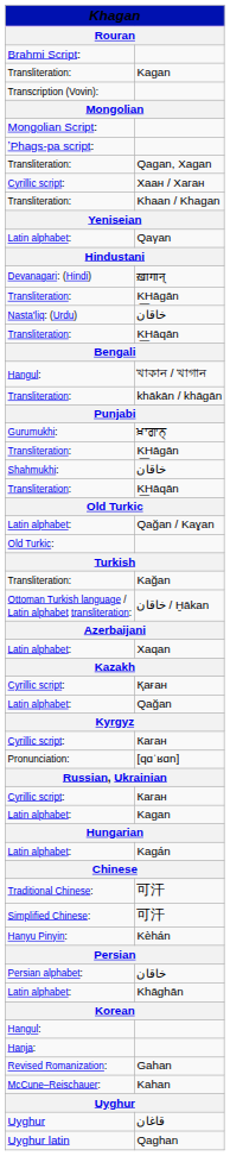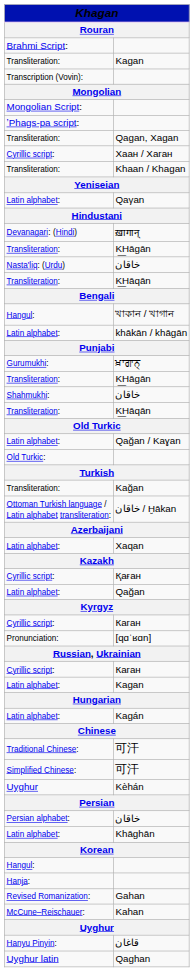 <table class="wikitable wikitable mw-collapsible autocollapse">
 <tr>
 <td style="background: #0011B0; border-bottom: 1px solid #FFD0FB; min-width:18.5em" colspan=2 align="center"><span><big><strong><em>Khagan</em></strong></big></span></td>
 </tr>
 <tr>
 <th colspan="2"><a href='#'>Rouran</a></th>
 </tr>
 <tr>
 <td><a href='#'>Brahmi Script</a>:</td>
 <td></td>
 </tr>
 <tr>
 <td><small>Transliteration:</small></td>
 <td>Kagan</td>
 </tr>
 <tr>
 <td><small>Transcription (Vovin):</small></td>
 <td></td>
 </tr>
 <tr>
 <th colspan="2"><a href='#'>Mongolian</a></th>
 </tr>
 <tr>
 <td><a href='#'>Mongolian Script</a>:</td>
 <td></td>
 </tr>
 <tr>
 <td><a href='#'>ʼPhags-pa script</a>:</td>
 <td></td>
 </tr>
 <tr>
 <td><small>Transliteration:</small></td>
 <td>Qagan, Xagan</td>
 </tr>
 <tr>
 <td><small><a href='#'>Cyrillic script</a>:</small></td>
 <td>Хаан / Хаган</td>
 </tr>
 <tr>
 <td><small>Transliteration:</small></td>
 <td>Khaan / Khagan</td>
 </tr>
 <tr>
 <th colspan="2"><a href='#'>Yeniseian</a></th>
 </tr>
 <tr>
 <td><small><a href='#'>Latin alphabet</a>:</small></td>
 <td>Qaγan</td>
 </tr>
 <tr>
 <th colspan="2"><a href='#'>Hindustani</a></th>
 </tr>
 <tr>
 <td><small><a href='#'>Devanagari</a>:</small> <small>(<a href='#'>Hindi</a>)</small></td>
 <td>ख़ागान्</td>
 </tr>
 <tr>
 <td><small><a href='#'>Transliteration</a>:</small></td>
 <td>K͟Hāgān</td>
 </tr>
 <tr>
 <td><small><a href='#'>Nasta'liq</a>: (<a href='#'>Urdu</a>)</small></td>
 <td>خاقان</td>
 </tr>
 <tr>
 <td><small><a href='#'>Transliteration</a>:</small></td>
 <td>K͟Hāqān</td>
 </tr>
 <tr>
 <th colspan="2"><a href='#'>Bengali</a></th>
 </tr>
 <tr>
 <td><small><a href='#'>Hangul</a>:</small></td>
 <td>খাকান / খাগান</td>
 </tr>
 <tr>
-<td><small><a href='#'>Transliteration</a>:</small></td>
+<td><small><a href='#'>Latin alphabet</a>:</small></td>
 <td>khākān / khāgān</td>
 </tr>
 <tr>
 <th colspan="2"><a href='#'>Punjabi</a></th>
 </tr>
 <tr>
 <td><small><a href='#'>Gurumukhi</a>:</small></td>
 <td>ਖ਼ਾਗਾਨ੍</td>
 </tr>
 <tr>
 <td><small><a href='#'>Transliteration</a>:</small></td>
 <td>K͟Hāgān</td>
 </tr>
 <tr>
 <td><small><a href='#'>Shahmukhi</a>:</small></td>
 <td>خاقان</td>
 </tr>
 <tr>
 <td><small><a href='#'>Transliteration</a>:</small></td>
 <td>K͟Hāqān</td>
 </tr>
 <tr>
 <th colspan="2"><a href='#'>Old Turkic</a></th>
 </tr>
 <tr>
 <td><small><a href='#'>Latin alphabet</a>:</small></td>
 <td>Qağan / Kaɣan</td>
 </tr>
 <tr>
 <td><small><a href='#'>Old Turkic</a>:</small></td>
 <td></td>
 </tr>
 <tr>
 <th colspan="2"><a href='#'>Turkish</a></th>
 </tr>
 <tr>
 <td><small>Transliteration:</small></td>
 <td>Kağan</td>
 </tr>
 <tr>
 <td><small><a href='#'>Ottoman Turkish language</a> /<br> <a href='#'>Latin alphabet</a> <a href='#'>transliteration</a>:</small></td>
 <td>خاقان / Ḫākan</td>
 </tr>
 <tr>
 <th colspan="2"><a href='#'>Azerbaijani</a></th>
 </tr>
 <tr>
 <td><small><a href='#'>Latin alphabet</a>:</small></td>
 <td>Xaqan</td>
 </tr>
 <tr>
 <th colspan="2"><a href='#'>Kazakh</a></th>
 </tr>
 <tr>
 <td><small><a href='#'>Cyrillic script</a>:</small></td>
 <td>Қаған</td>
 </tr>
 <tr>
 <td><small><a href='#'>Latin alphabet</a>:</small></td>
 <td>Qağan</td>
 </tr>
 <tr>
 <th colspan="2"><a href='#'>Kyrgyz</a></th>
 </tr>
 <tr>
 <td><small><a href='#'>Cyrillic script</a>:</small></td>
 <td>Каган</td>
 </tr>
 <tr>
 <td><small>Pronunciation:</small></td>
 <td>[qɑˈʁɑn]</td>
 </tr>
 <tr>
 <th colspan="2"><a href='#'>Russian</a>, <a href='#'>Ukrainian</a></th>
 </tr>
 <tr>
 <td><small><a href='#'>Cyrillic script</a>:</small></td>
 <td>Каган</td>
 </tr>
 <tr>
 <td><small><a href='#'>Latin alphabet</a>:</small></td>
 <td>Kagan</td>
 </tr>
 <tr>
 <th colspan="2"><a href='#'>Hungarian</a></th>
 </tr>
 <tr>
 <td><small><a href='#'>Latin alphabet</a>:</small></td>
 <td>Kagán</td>
 </tr>
 <tr>
 <th colspan="2"><a href='#'>Chinese</a></th>
 </tr>
 <tr>
 <td><small><a href='#'>Traditional Chinese</a>:</small></td>
 <td><big>可汗</big></td>
 </tr>
 <tr>
 <td><small><a href='#'>Simplified Chinese</a>:</small></td>
 <td><big>可汗</big></td>
 </tr>
 <tr>
-<td><small><a href='#'>Hanyu Pinyin</a>:</small></td>
+<td><a href='#'>Uyghur</a></td>
 <td>Kèhán</td>
 </tr>
 <tr>
 <th colspan="2"><a href='#'>Persian</a></th>
 </tr>
 <tr>
 <td><small><a href='#'>Persian alphabet</a>:</small></td>
 <td>خاقان</td>
 </tr>
 <tr>
 <td><small><a href='#'>Latin alphabet</a>:</small></td>
 <td>Khāghān</td>
 </tr>
 <tr>
 <th colspan="2"><a href='#'>Korean</a></th>
 </tr>
 <tr>
 <td><small><a href='#'>Hangul</a>:</small></td>
 <td></td>
 </tr>
 <tr>
 <td><small><a href='#'>Hanja</a>:</small></td>
 <td></td>
 </tr>
 <tr>
 <td><small><a href='#'>Revised Romanization</a>:</small></td>
 <td>Gahan</td>
 </tr>
 <tr>
 <td><small><a href='#'>McCune–Reischauer</a>:</small></td>
 <td>Kahan</td>
 </tr>
 <tr>
 <th colspan="2"><a href='#'>Uyghur</a></th>
 </tr>
 <tr>
-<td><a href='#'>Uyghur</a></td>
+<td><small><a href='#'>Hanyu Pinyin</a>:</small></td>
 <td>قاغان</td>
 </tr>
 <tr>
 <td><a href='#'>Uyghur latin</a></td>
 <td>Qaghan</td>
 </tr>
 </table>
